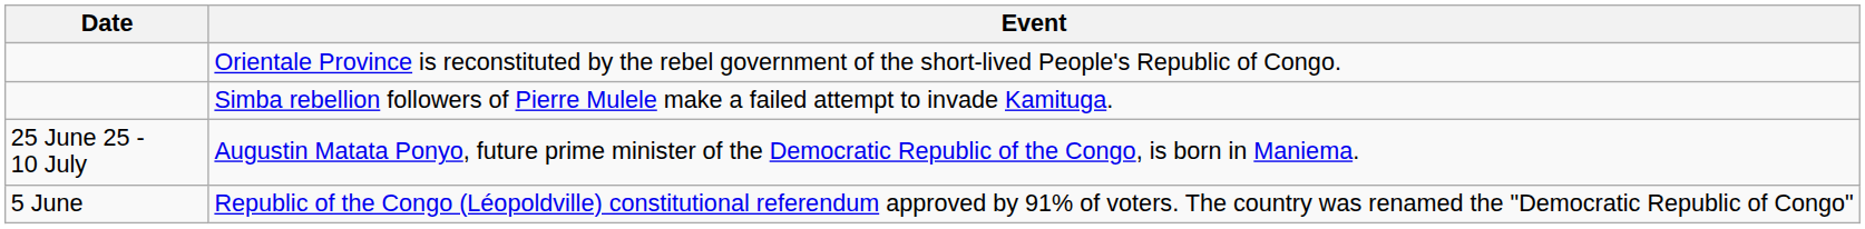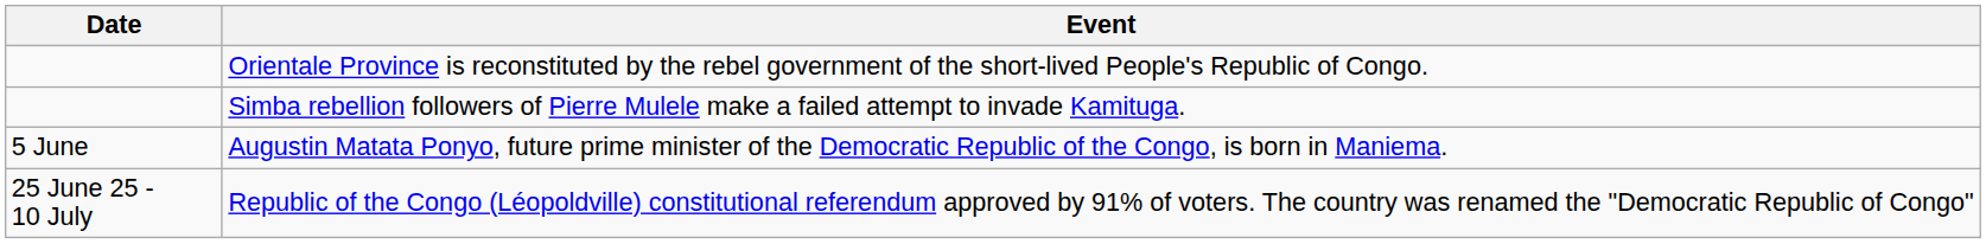 <table class=wikitable>
 <tr>
 <th style="width:8em">Date</th>
 <th>Event</th>
 </tr>
 <tr>
 <td></td>
 <td><a href='#'>Orientale Province</a> is reconstituted by the rebel government of the short-lived People's Republic of Congo.</td>
 </tr>
 <tr>
 <td></td>
 <td><a href='#'>Simba rebellion</a> followers of <a href='#'>Pierre Mulele</a> make a failed attempt to invade <a href='#'>Kamituga</a>.</td>
 </tr>
 <tr>
-<td>25 June 25 -<br> 10 July</td>
+<td>5 June</td>
 <td><a href='#'>Augustin Matata Ponyo</a>, future prime minister of the <a href='#'>Democratic Republic of the Congo</a>, is born in <a href='#'>Maniema</a>.</td>
 </tr>
 <tr>
-<td>5 June</td>
+<td>25 June 25 -<br> 10 July</td>
 <td><a href='#'>Republic of the Congo (Léopoldville) constitutional referendum</a> approved by 91% of voters. The country was renamed the "Democratic Republic of Congo"</td>
 </tr>
 </table>
